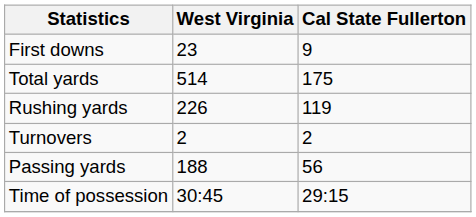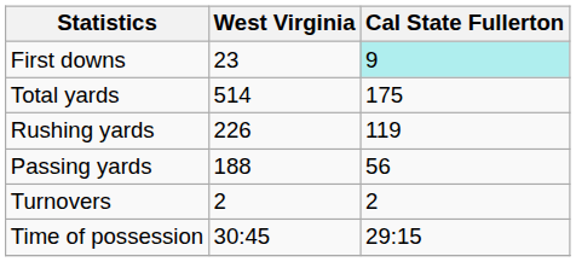 <table class="wikitable" style="float: left;">
 <tr>
 <th>Statistics</th>
 <th>West Virginia</th>
 <th>Cal State Fullerton</th>
 </tr>
 <tr>
 <td>First downs</td>
 <td>23</td>
-<td>9</td>
+<td style="background: paleturquoise;">9</td>
 </tr>
 <tr>
 <td>Total yards</td>
 <td>514</td>
 <td>175</td>
 </tr>
 <tr>
 <td>Rushing yards</td>
 <td>226</td>
 <td>119</td>
 </tr>
 <tr>
+<td>Passing yards</td>
+<td>188</td>
+<td>56</td>
+</tr>
+<tr>
 <td>Turnovers</td>
 <td>2</td>
 <td>2</td>
-</tr>
-<tr>
-<td>Passing yards</td>
-<td>188</td>
-<td>56</td>
 </tr>
 <tr>
 <td>Time of possession</td>
 <td>30:45</td>
 <td>29:15</td>
 </tr>
 <tr>
 </tr>
 </table>
